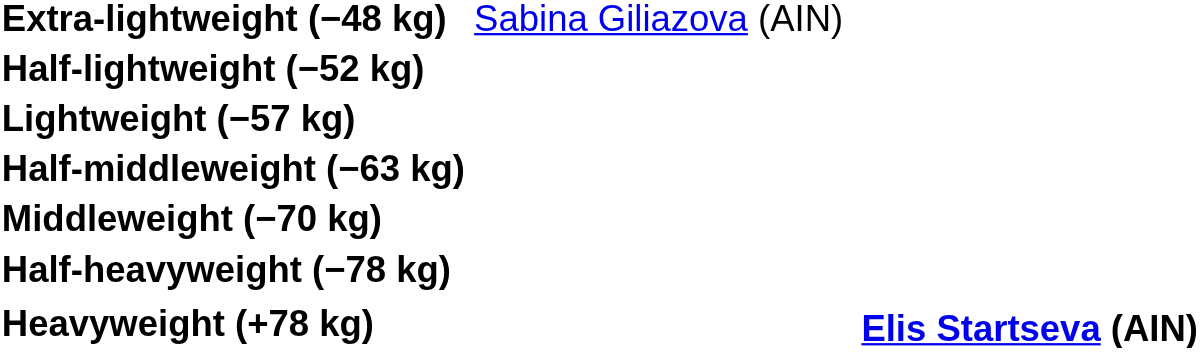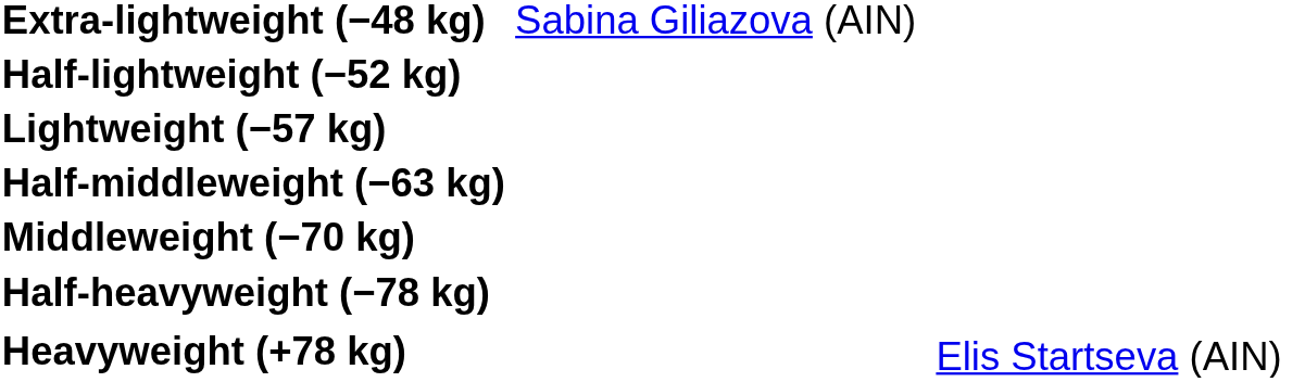 <table>
 <tr>
 <th rowspan=2 style="text-align:left;">Extra-lightweight (−48 kg)</th>
 <td rowspan=2> <a href='#'>Sabina Giliazova</a> <span>(<abbr>AIN</abbr>)</span></td>
 <td rowspan=2></td>
 <td></td>
 </tr>
 <tr>
 <td></td>
 </tr>
 <tr>
 <th rowspan=2 style="text-align:left;">Half-lightweight (−52 kg)</th>
 <td rowspan=2></td>
 <td rowspan=2></td>
 <td></td>
 </tr>
 <tr>
 <td></td>
 </tr>
 <tr>
 <th rowspan=2 style="text-align:left;">Lightweight (−57 kg)</th>
 <td rowspan=2></td>
 <td rowspan=2></td>
 <td></td>
 </tr>
 <tr>
 <td></td>
 </tr>
 <tr>
 <th rowspan=2 style="text-align:left;">Half-middleweight (−63 kg)</th>
 <td rowspan=2></td>
 <td rowspan=2></td>
 <td></td>
 </tr>
 <tr>
 <td></td>
 </tr>
 <tr>
 <th rowspan=2 style="text-align:left;">Middleweight (−70 kg)</th>
 <td rowspan=2></td>
 <td rowspan=2></td>
 <td></td>
 </tr>
 <tr>
 <td></td>
 </tr>
 <tr>
 <th rowspan=2 style="text-align:left;">Half-heavyweight (−78 kg)</th>
 <td rowspan=2></td>
 <td rowspan=2></td>
 <td></td>
 </tr>
 <tr>
 <td></td>
 </tr>
 <tr>
 <th rowspan=2 style="text-align:left;">Heavyweight (+78 kg)</th>
 <td rowspan=2></td>
 <td rowspan=2></td>
 <td></td>
 </tr>
 <tr>
-<td><strong> <a href='#'>Elis Startseva</a> <span>(<abbr>AIN</abbr>)</span></strong></td>
+<td> <a href='#'>Elis Startseva</a> <span>(<abbr>AIN</abbr>)</span></td>
 </tr>
 </table>
